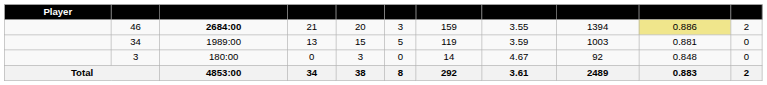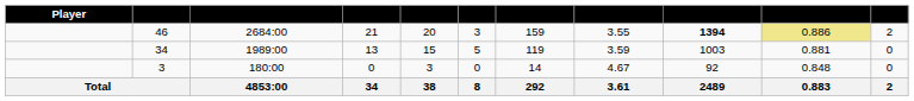 <table class="wikitable sortable" style="width:100%; text-align:center;">
 <tr>
 <th style="color:white; background:#000000; ">Player</th>
 <th style="color:white; background:#000000; "></th>
 <th style="color:white; background:#000000; "></th>
 <th style="color:white; background:#000000; "></th>
 <th style="color:white; background:#000000; "></th>
 <th style="color:white; background:#000000; "></th>
 <th style="color:white; background:#000000; "></th>
 <th style="color:white; background:#000000; "></th>
 <th style="color:white; background:#000000; "></th>
 <th style="color:white; background:#000000; "></th>
 <th style="color:white; background:#000000; "></th>
 </tr>
 <tr>
 <td></td>
 <td>46</td>
-<td><strong>2684:00</strong></td>
+<td>2684:00</td>
 <td>21</td>
 <td>20</td>
 <td>3</td>
 <td>159</td>
 <td>3.55</td>
-<td>1394</td>
+<td><strong>1394</strong></td>
 <td style="background: khaki;">0.886</td>
 <td>2</td>
 </tr>
 <tr>
 <td></td>
 <td>34</td>
 <td>1989:00</td>
 <td>13</td>
 <td>15</td>
 <td>5</td>
 <td>119</td>
 <td>3.59</td>
 <td>1003</td>
 <td>0.881</td>
 <td>0</td>
 </tr>
 <tr>
 <td></td>
 <td>3</td>
 <td>180:00</td>
 <td>0</td>
 <td>3</td>
 <td>0</td>
 <td>14</td>
 <td>4.67</td>
 <td>92</td>
 <td>0.848</td>
 <td>0</td>
 </tr>
 <tr class="sortbottom">
 <th colspan=2>Total</th>
 <th>4853:00</th>
 <th>34</th>
 <th>38</th>
 <th>8</th>
 <th>292</th>
 <th>3.61</th>
 <th>2489</th>
 <th>0.883</th>
 <th>2</th>
 </tr>
 </table>
